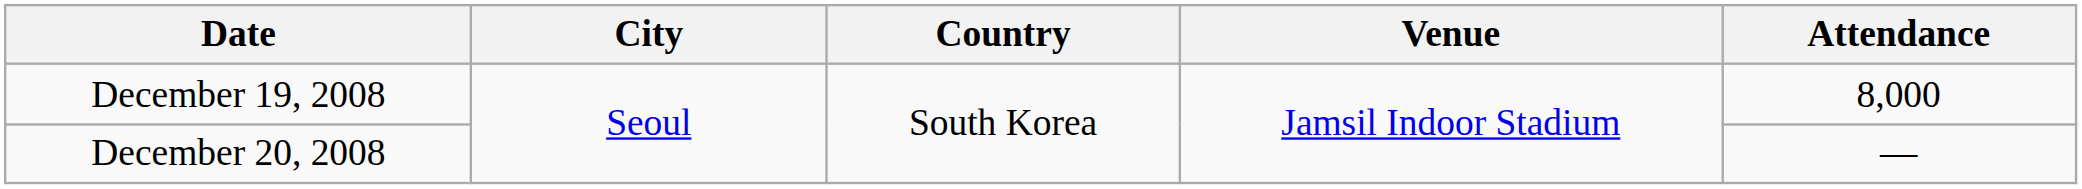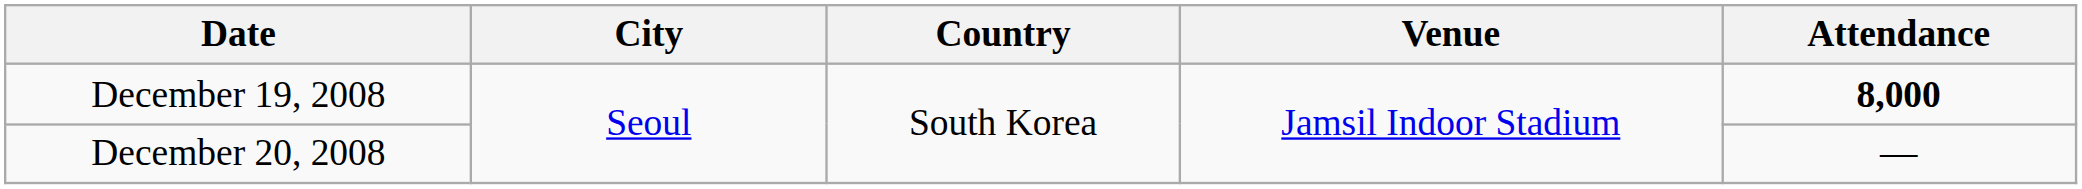 <table class="wikitable" style="text-align:center;">
 <tr>
 <th scope="col" style="width:12em;">Date</th>
 <th scope="col" style="width:9em;">City</th>
 <th scope="col" style="width:9em;">Country</th>
 <th scope="col" style="width:14em;">Venue</th>
 <th scope="col" style="width:9em;">Attendance</th>
 </tr>
 <tr>
 <td>December 19, 2008</td>
 <td rowspan="2"><a href='#'>Seoul</a></td>
 <td rowspan="2">South Korea</td>
 <td rowspan="2"><a href='#'>Jamsil Indoor Stadium</a></td>
-<td>8,000</td>
+<td><strong>8,000</strong></td>
 </tr>
 <tr>
 <td>December 20, 2008</td>
 <td>—</td>
 </tr>
 </table>
